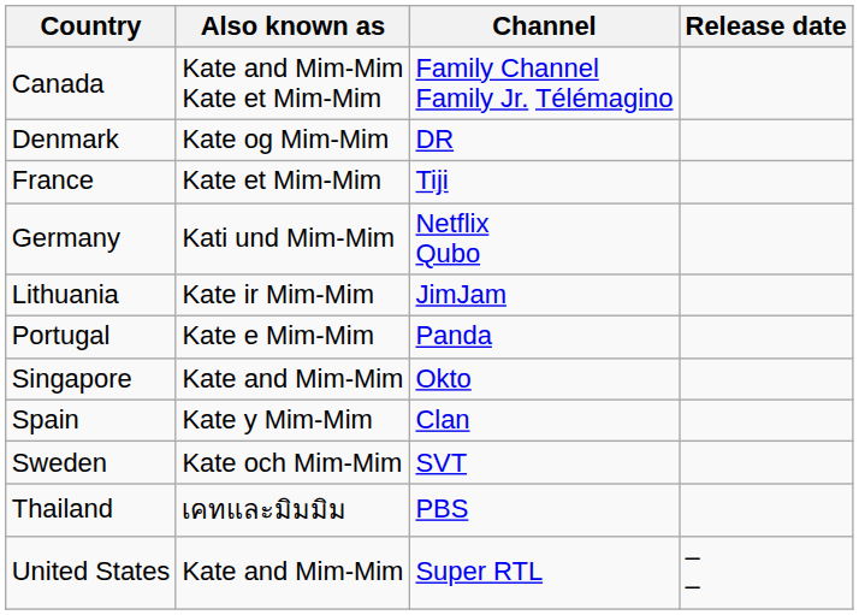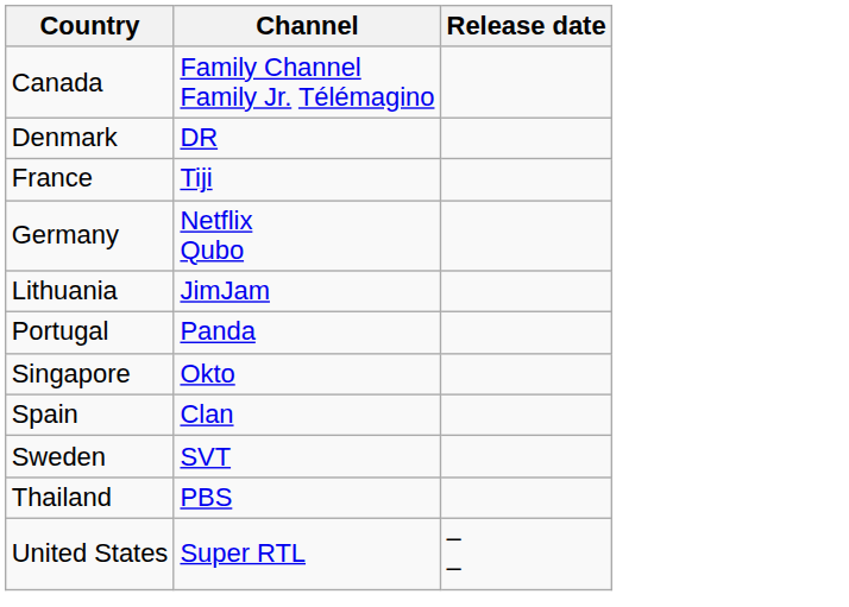 <table class="wikitable">
 <tr>
 <th><strong>Country</strong></th>
-<th><strong>Also known as</strong></th>
 <th><strong>Channel</strong></th>
 <th><strong>Release date</strong></th>
 </tr>
 <tr>
 <td>Canada</td>
-<td>Kate and Mim-Mim<br> Kate et Mim-Mim</td>
 <td><a href='#'>Family Channel</a><br> <a href='#'>Family Jr.</a>  <a href='#'>Télémagino</a></td>
 <td><br>   </td>
 </tr>
 <tr>
 <td>Denmark</td>
-<td>Kate og Mim-Mim</td>
 <td><a href='#'>DR</a></td>
 <td></td>
 </tr>
 <tr>
 <td>France</td>
-<td>Kate et Mim-Mim</td>
 <td><a href='#'>Tiji</a></td>
 <td></td>
 </tr>
 <tr>
 <td>Germany</td>
-<td>Kati und Mim-Mim</td>
 <td><a href='#'>Netflix</a><br> <a href='#'>Qubo</a></td>
 <td></td>
 </tr>
 <tr>
 <td>Lithuania</td>
-<td>Kate ir Mim-Mim</td>
 <td><a href='#'>JimJam</a></td>
 <td></td>
 </tr>
 <tr>
 <td>Portugal</td>
-<td>Kate e Mim-Mim</td>
 <td><a href='#'>Panda</a></td>
 <td></td>
 </tr>
 <tr>
 <td>Singapore</td>
-<td>Kate and Mim-Mim</td>
 <td><a href='#'>Okto</a></td>
 <td></td>
 </tr>
 <tr>
 <td>Spain</td>
-<td>Kate y Mim-Mim</td>
 <td><a href='#'>Clan</a></td>
 <td></td>
 </tr>
 <tr>
 <td>Sweden</td>
-<td>Kate och Mim-Mim</td>
 <td><a href='#'>SVT</a></td>
 <td></td>
 </tr>
 <tr>
 <td>Thailand</td>
-<td>เคทและมิมมิม</td>
 <td><a href='#'>PBS</a></td>
 <td></td>
 </tr>
 <tr>
 <td>United States</td>
-<td>Kate and Mim-Mim</td>
 <td><a href='#'>Super RTL</a></td>
 <td>–<br> –</td>
 </tr>
 </table>
